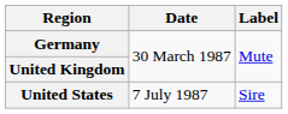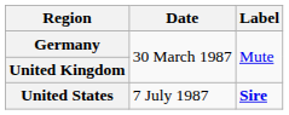 <table class="wikitable plainrowheaders">
 <tr>
 <th scope="col">Region</th>
 <th scope="col">Date</th>
 <th scope="col">Label</th>
 </tr>
 <tr>
 <th scope="row">Germany</th>
 <td rowspan="2">30 March 1987</td>
 <td rowspan="2"><a href='#'>Mute</a></td>
 </tr>
 <tr>
 <th scope="row">United Kingdom</th>
 </tr>
 <tr>
 <th scope="row">United States</th>
 <td>7 July 1987</td>
-<td><a href='#'>Sire</a></td>
+<td><strong><a href='#'>Sire</a></strong></td>
 </tr>
 </table>
